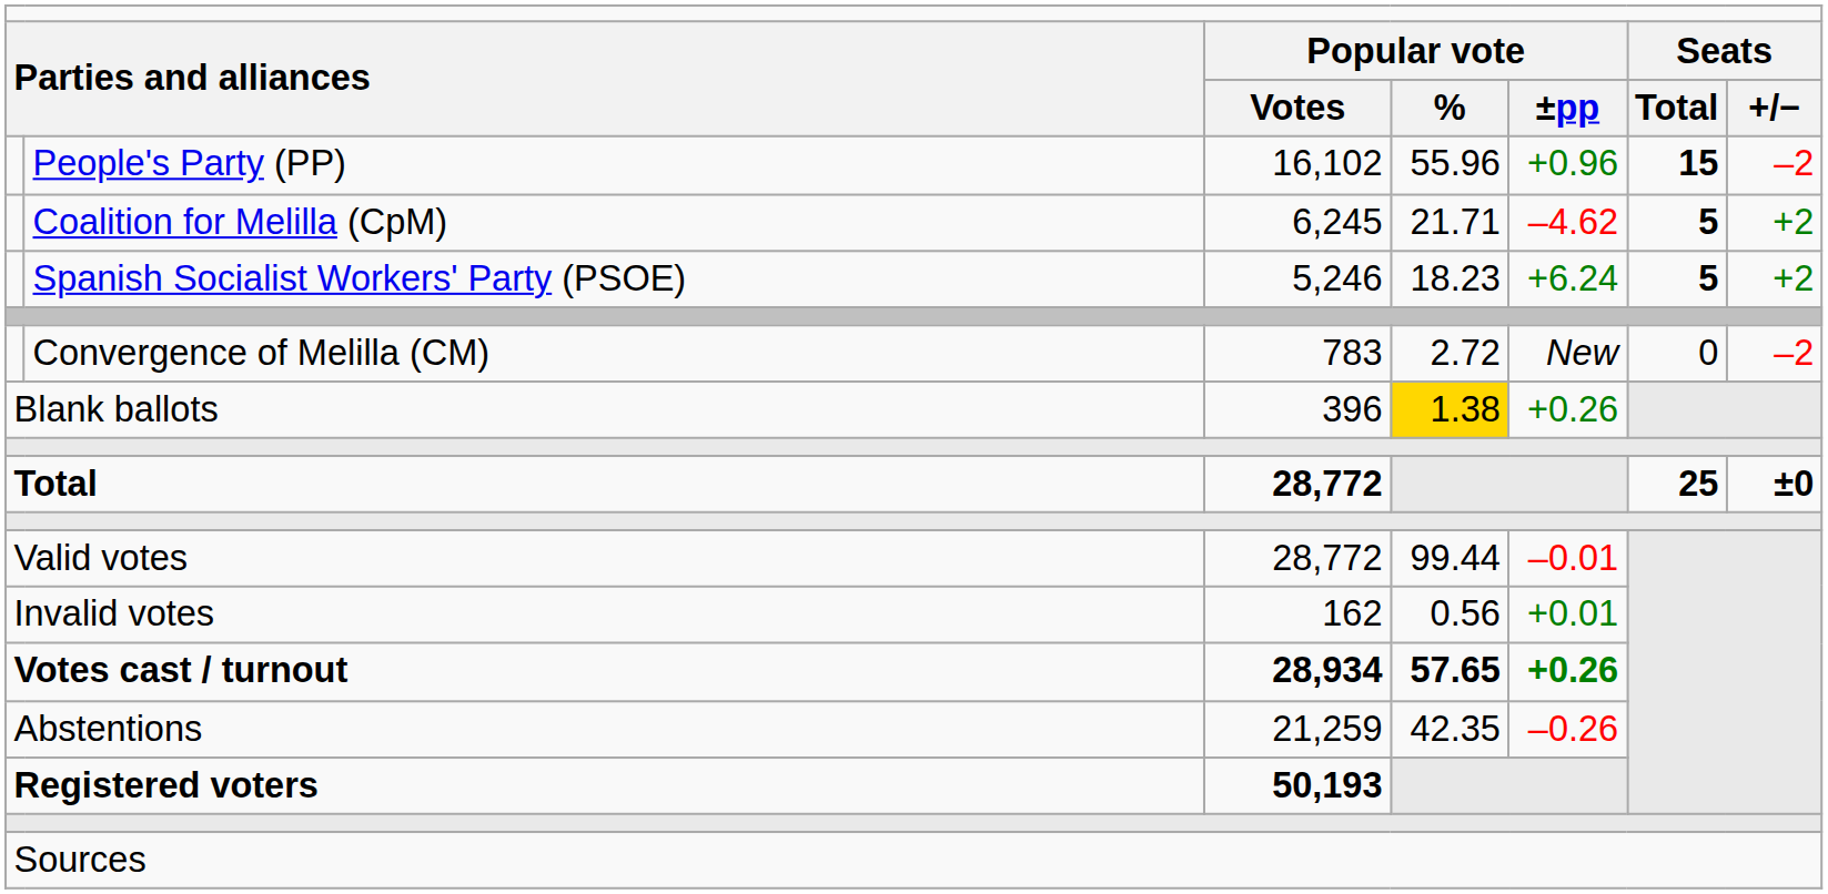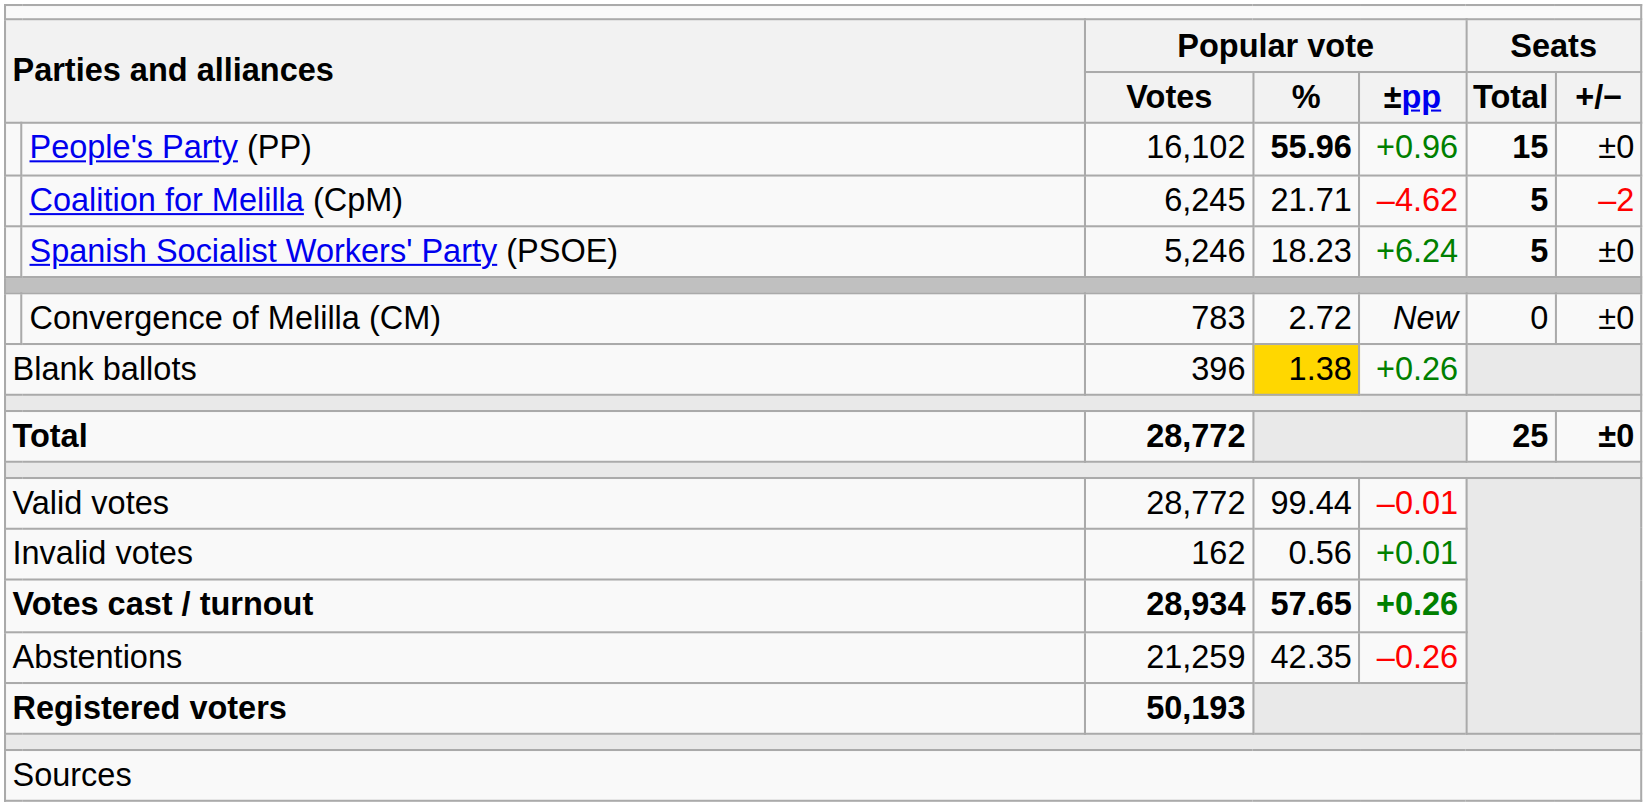 <table class="wikitable" style="text-align:right;">
 <tr>
 <td colspan="7"></td>
 </tr>
 <tr>
 <th style="text-align:left;" rowspan="2" colspan="2" width="525">Parties and alliances</th>
 <th colspan="3">Popular vote</th>
 <th colspan="2">Seats</th>
 </tr>
 <tr>
 <th width="75">Votes</th>
 <th width="45">%</th>
 <th width="45">±<a href='#'>pp</a></th>
 <th width="35">Total</th>
 <th width="35">+/−</th>
 </tr>
 <tr>
 <td width="1" style="color:inherit;background:"></td>
 <td align="left"><a href='#'>People's Party</a> (PP)</td>
 <td>16,102</td>
-<td>55.96</td>
+<td><strong>55.96</strong></td>
 <td style="color:green;">+0.96</td>
 <td><strong>15</strong></td>
-<td style="color:red;">–2</td>
+<td>±0</td>
 </tr>
 <tr>
 <td style="color:inherit;background:"></td>
 <td align="left"><a href='#'>Coalition for Melilla</a> (CpM)</td>
 <td>6,245</td>
 <td>21.71</td>
 <td style="color:red;">–4.62</td>
 <td><strong>5</strong></td>
-<td style="color:green;">+2</td>
+<td style="color:red;">–2</td>
 </tr>
 <tr>
 <td style="color:inherit;background:"></td>
 <td align="left"><a href='#'>Spanish Socialist Workers' Party</a> (PSOE)</td>
 <td>5,246</td>
 <td>18.23</td>
 <td style="color:green;">+6.24</td>
 <td><strong>5</strong></td>
-<td style="color:green;">+2</td>
+<td>±0</td>
 </tr>
 <tr>
 <td colspan="7" bgcolor="#C0C0C0"></td>
 </tr>
 <tr>
 <td style="color:inherit;background:"></td>
 <td align="left">Convergence of Melilla (CM)</td>
 <td>783</td>
 <td>2.72</td>
 <td><em>New</em></td>
 <td>0</td>
-<td style="color:red;">–2</td>
+<td>±0</td>
 </tr>
 <tr>
 <td align="left" colspan="2">Blank ballots</td>
 <td>396</td>
 <td style="background: gold;">1.38</td>
 <td style="color:green;">+0.26</td>
 <td bgcolor="#E9E9E9" colspan="2"></td>
 </tr>
 <tr>
 <td colspan="7" bgcolor="#E9E9E9"></td>
 </tr>
 <tr style="font-weight:bold;">
 <td align="left" colspan="2">Total</td>
 <td>28,772</td>
 <td bgcolor="#E9E9E9" colspan="2"></td>
 <td>25</td>
 <td>±0</td>
 </tr>
 <tr>
 <td colspan="7" bgcolor="#E9E9E9"></td>
 </tr>
 <tr>
 <td align="left" colspan="2">Valid votes</td>
 <td>28,772</td>
 <td>99.44</td>
 <td style="color:red;">–0.01</td>
 <td bgcolor="#E9E9E9" colspan="2" rowspan="5"></td>
 </tr>
 <tr>
 <td align="left" colspan="2">Invalid votes</td>
 <td>162</td>
 <td>0.56</td>
 <td style="color:green;">+0.01</td>
 </tr>
 <tr style="font-weight:bold;">
 <td align="left" colspan="2">Votes cast / turnout</td>
 <td>28,934</td>
 <td>57.65</td>
 <td style="color:green;">+0.26</td>
 </tr>
 <tr>
 <td align="left" colspan="2">Abstentions</td>
 <td>21,259</td>
 <td>42.35</td>
 <td style="color:red;">–0.26</td>
 </tr>
 <tr style="font-weight:bold;">
 <td align="left" colspan="2">Registered voters</td>
 <td>50,193</td>
 <td bgcolor="#E9E9E9" colspan="2"></td>
 </tr>
 <tr>
 <td colspan="7" bgcolor="#E9E9E9"></td>
 </tr>
 <tr>
 <td align="left" colspan="7">Sources</td>
 </tr>
 </table>
